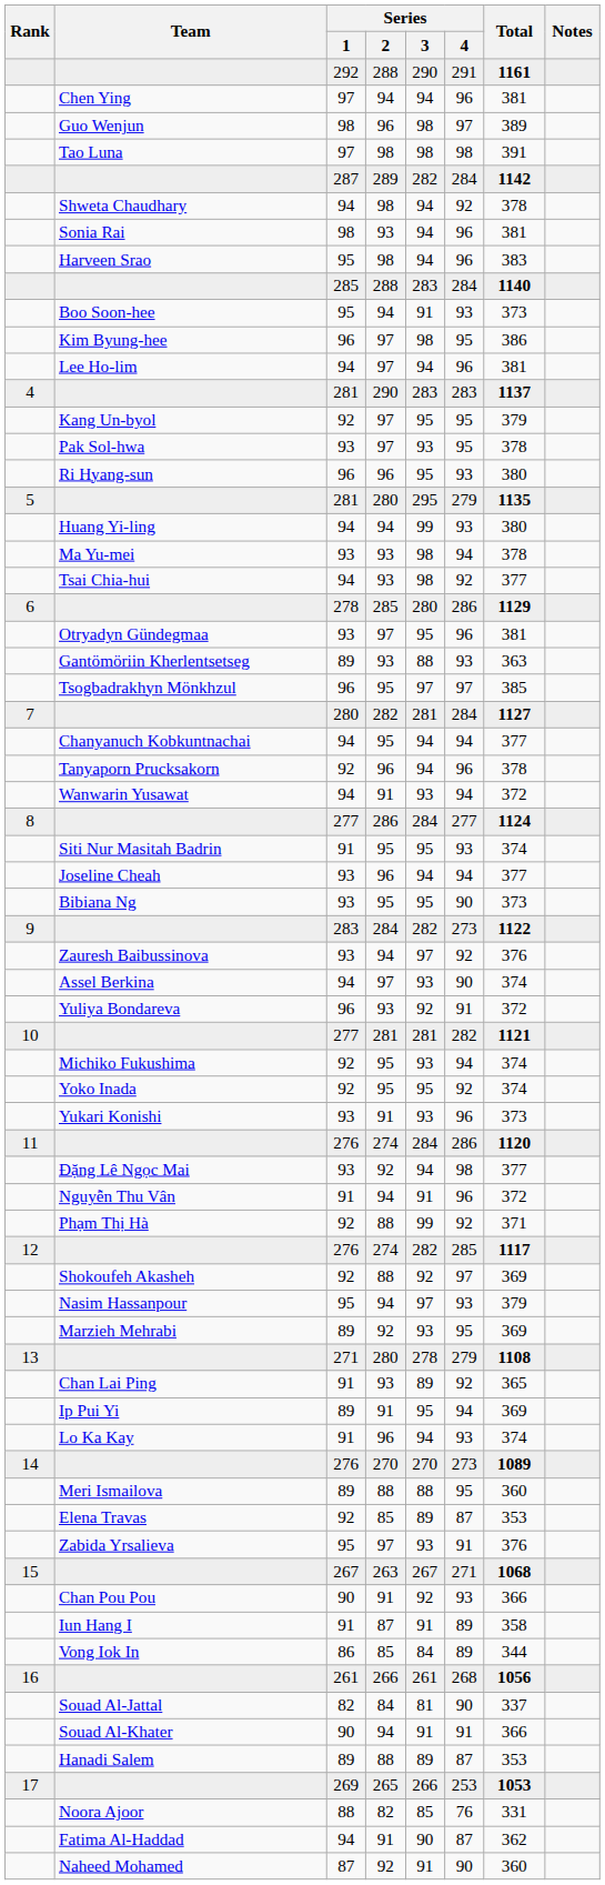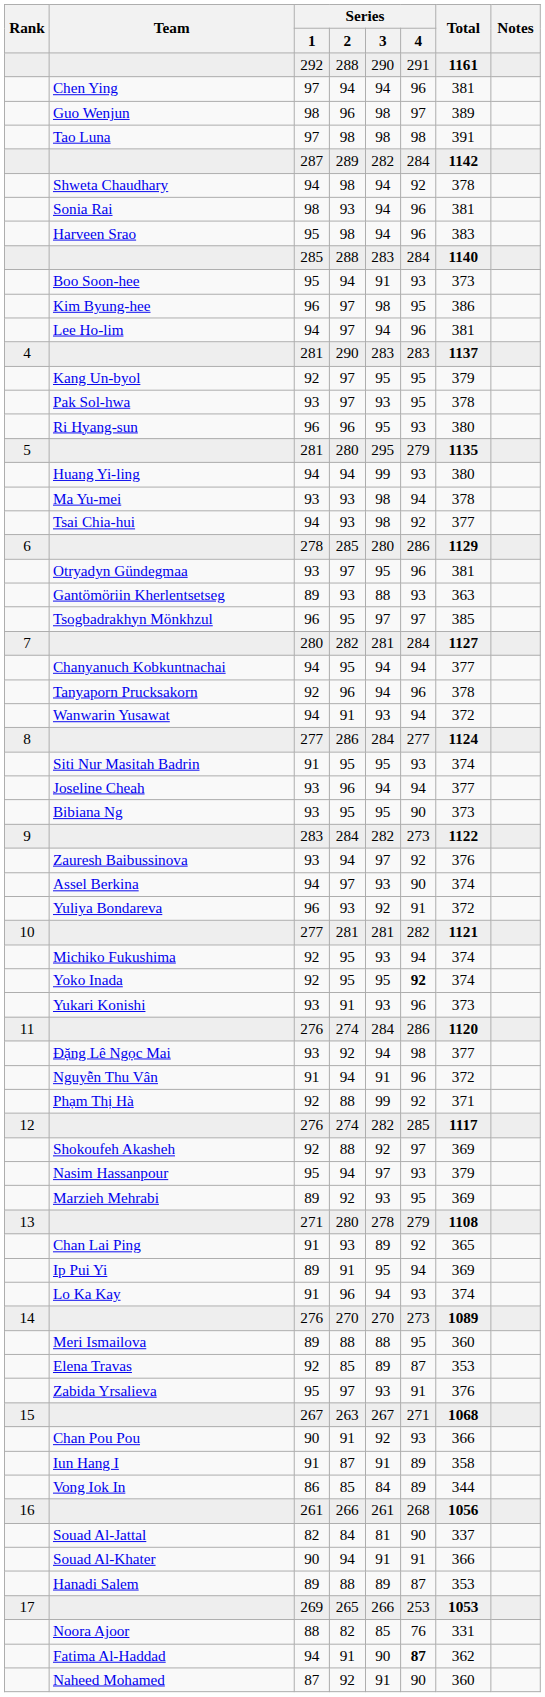 <table class="wikitable" style="text-align:center">
 <tr>
 <th rowspan=2 width=40>Rank</th>
 <th rowspan=2 width=250>Team</th>
 <th colspan=4>Series</th>
 <th rowspan=2 width=50>Total</th>
 <th rowspan=2 width=45>Notes</th>
 </tr>
 <tr>
 <th width=30>1</th>
 <th width=30>2</th>
 <th width=30>3</th>
 <th width=30>4</th>
 </tr>
 <tr bgcolor=eeeeee>
 <td></td>
 <td align=left></td>
 <td>292</td>
 <td>288</td>
 <td>290</td>
 <td>291</td>
 <td><strong>1161</strong></td>
 <td></td>
 </tr>
 <tr>
 <td></td>
 <td align=left><a href='#'>Chen Ying</a></td>
 <td>97</td>
 <td>94</td>
 <td>94</td>
 <td>96</td>
 <td>381</td>
 <td></td>
 </tr>
 <tr>
 <td></td>
 <td align=left><a href='#'>Guo Wenjun</a></td>
 <td>98</td>
 <td>96</td>
 <td>98</td>
 <td>97</td>
 <td>389</td>
 <td></td>
 </tr>
 <tr>
 <td></td>
 <td align=left><a href='#'>Tao Luna</a></td>
 <td>97</td>
 <td>98</td>
 <td>98</td>
 <td>98</td>
 <td>391</td>
 <td></td>
 </tr>
 <tr bgcolor=eeeeee>
 <td></td>
 <td align=left></td>
 <td>287</td>
 <td>289</td>
 <td>282</td>
 <td>284</td>
 <td><strong>1142</strong></td>
 <td></td>
 </tr>
 <tr>
 <td></td>
 <td align=left><a href='#'>Shweta Chaudhary</a></td>
 <td>94</td>
 <td>98</td>
 <td>94</td>
 <td>92</td>
 <td>378</td>
 <td></td>
 </tr>
 <tr>
 <td></td>
 <td align=left><a href='#'>Sonia Rai</a></td>
 <td>98</td>
 <td>93</td>
 <td>94</td>
 <td>96</td>
 <td>381</td>
 <td></td>
 </tr>
 <tr>
 <td></td>
 <td align=left><a href='#'>Harveen Srao</a></td>
 <td>95</td>
 <td>98</td>
 <td>94</td>
 <td>96</td>
 <td>383</td>
 <td></td>
 </tr>
 <tr bgcolor=eeeeee>
 <td></td>
 <td align=left></td>
 <td>285</td>
 <td>288</td>
 <td>283</td>
 <td>284</td>
 <td><strong>1140</strong></td>
 <td></td>
 </tr>
 <tr>
 <td></td>
 <td align=left><a href='#'>Boo Soon-hee</a></td>
 <td>95</td>
 <td>94</td>
 <td>91</td>
 <td>93</td>
 <td>373</td>
 <td></td>
 </tr>
 <tr>
 <td></td>
 <td align=left><a href='#'>Kim Byung-hee</a></td>
 <td>96</td>
 <td>97</td>
 <td>98</td>
 <td>95</td>
 <td>386</td>
 <td></td>
 </tr>
 <tr>
 <td></td>
 <td align=left><a href='#'>Lee Ho-lim</a></td>
 <td>94</td>
 <td>97</td>
 <td>94</td>
 <td>96</td>
 <td>381</td>
 <td></td>
 </tr>
 <tr bgcolor=eeeeee>
 <td>4</td>
 <td align=left></td>
 <td>281</td>
 <td>290</td>
 <td>283</td>
 <td>283</td>
 <td><strong>1137</strong></td>
 <td></td>
 </tr>
 <tr>
 <td></td>
 <td align=left><a href='#'>Kang Un-byol</a></td>
 <td>92</td>
 <td>97</td>
 <td>95</td>
 <td>95</td>
 <td>379</td>
 <td></td>
 </tr>
 <tr>
 <td></td>
 <td align=left><a href='#'>Pak Sol-hwa</a></td>
 <td>93</td>
 <td>97</td>
 <td>93</td>
 <td>95</td>
 <td>378</td>
 <td></td>
 </tr>
 <tr>
 <td></td>
 <td align=left><a href='#'>Ri Hyang-sun</a></td>
 <td>96</td>
 <td>96</td>
 <td>95</td>
 <td>93</td>
 <td>380</td>
 <td></td>
 </tr>
 <tr bgcolor=eeeeee>
 <td>5</td>
 <td align=left></td>
 <td>281</td>
 <td>280</td>
 <td>295</td>
 <td>279</td>
 <td><strong>1135</strong></td>
 <td></td>
 </tr>
 <tr>
 <td></td>
 <td align=left><a href='#'>Huang Yi-ling</a></td>
 <td>94</td>
 <td>94</td>
 <td>99</td>
 <td>93</td>
 <td>380</td>
 <td></td>
 </tr>
 <tr>
 <td></td>
 <td align=left><a href='#'>Ma Yu-mei</a></td>
 <td>93</td>
 <td>93</td>
 <td>98</td>
 <td>94</td>
 <td>378</td>
 <td></td>
 </tr>
 <tr>
 <td></td>
 <td align=left><a href='#'>Tsai Chia-hui</a></td>
 <td>94</td>
 <td>93</td>
 <td>98</td>
 <td>92</td>
 <td>377</td>
 <td></td>
 </tr>
 <tr bgcolor=eeeeee>
 <td>6</td>
 <td align=left></td>
 <td>278</td>
 <td>285</td>
 <td>280</td>
 <td>286</td>
 <td><strong>1129</strong></td>
 <td></td>
 </tr>
 <tr>
 <td></td>
 <td align=left><a href='#'>Otryadyn Gündegmaa</a></td>
 <td>93</td>
 <td>97</td>
 <td>95</td>
 <td>96</td>
 <td>381</td>
 <td></td>
 </tr>
 <tr>
 <td></td>
 <td align=left><a href='#'>Gantömöriin Kherlentsetseg</a></td>
 <td>89</td>
 <td>93</td>
 <td>88</td>
 <td>93</td>
 <td>363</td>
 <td></td>
 </tr>
 <tr>
 <td></td>
 <td align=left><a href='#'>Tsogbadrakhyn Mönkhzul</a></td>
 <td>96</td>
 <td>95</td>
 <td>97</td>
 <td>97</td>
 <td>385</td>
 <td></td>
 </tr>
 <tr bgcolor=eeeeee>
 <td>7</td>
 <td align=left></td>
 <td>280</td>
 <td>282</td>
 <td>281</td>
 <td>284</td>
 <td><strong>1127</strong></td>
 <td></td>
 </tr>
 <tr>
 <td></td>
 <td align=left><a href='#'>Chanyanuch Kobkuntnachai</a></td>
 <td>94</td>
 <td>95</td>
 <td>94</td>
 <td>94</td>
 <td>377</td>
 <td></td>
 </tr>
 <tr>
 <td></td>
 <td align=left><a href='#'>Tanyaporn Prucksakorn</a></td>
 <td>92</td>
 <td>96</td>
 <td>94</td>
 <td>96</td>
 <td>378</td>
 <td></td>
 </tr>
 <tr>
 <td></td>
 <td align=left><a href='#'>Wanwarin Yusawat</a></td>
 <td>94</td>
 <td>91</td>
 <td>93</td>
 <td>94</td>
 <td>372</td>
 <td></td>
 </tr>
 <tr bgcolor=eeeeee>
 <td>8</td>
 <td align=left></td>
 <td>277</td>
 <td>286</td>
 <td>284</td>
 <td>277</td>
 <td><strong>1124</strong></td>
 <td></td>
 </tr>
 <tr>
 <td></td>
 <td align=left><a href='#'>Siti Nur Masitah Badrin</a></td>
 <td>91</td>
 <td>95</td>
 <td>95</td>
 <td>93</td>
 <td>374</td>
 <td></td>
 </tr>
 <tr>
 <td></td>
 <td align=left><a href='#'>Joseline Cheah</a></td>
 <td>93</td>
 <td>96</td>
 <td>94</td>
 <td>94</td>
 <td>377</td>
 <td></td>
 </tr>
 <tr>
 <td></td>
 <td align=left><a href='#'>Bibiana Ng</a></td>
 <td>93</td>
 <td>95</td>
 <td>95</td>
 <td>90</td>
 <td>373</td>
 <td></td>
 </tr>
 <tr bgcolor=eeeeee>
 <td>9</td>
 <td align=left></td>
 <td>283</td>
 <td>284</td>
 <td>282</td>
 <td>273</td>
 <td><strong>1122</strong></td>
 <td></td>
 </tr>
 <tr>
 <td></td>
 <td align=left><a href='#'>Zauresh Baibussinova</a></td>
 <td>93</td>
 <td>94</td>
 <td>97</td>
 <td>92</td>
 <td>376</td>
 <td></td>
 </tr>
 <tr>
 <td></td>
 <td align=left><a href='#'>Assel Berkina</a></td>
 <td>94</td>
 <td>97</td>
 <td>93</td>
 <td>90</td>
 <td>374</td>
 <td></td>
 </tr>
 <tr>
 <td></td>
 <td align=left><a href='#'>Yuliya Bondareva</a></td>
 <td>96</td>
 <td>93</td>
 <td>92</td>
 <td>91</td>
 <td>372</td>
 <td></td>
 </tr>
 <tr bgcolor=eeeeee>
 <td>10</td>
 <td align=left></td>
 <td>277</td>
 <td>281</td>
 <td>281</td>
 <td>282</td>
 <td><strong>1121</strong></td>
 <td></td>
 </tr>
 <tr>
 <td></td>
 <td align=left><a href='#'>Michiko Fukushima</a></td>
 <td>92</td>
 <td>95</td>
 <td>93</td>
 <td>94</td>
 <td>374</td>
 <td></td>
 </tr>
 <tr>
 <td></td>
 <td align=left><a href='#'>Yoko Inada</a></td>
 <td>92</td>
 <td>95</td>
 <td>95</td>
-<td>92</td>
+<td><strong>92</strong></td>
 <td>374</td>
 <td></td>
 </tr>
 <tr>
 <td></td>
 <td align=left><a href='#'>Yukari Konishi</a></td>
 <td>93</td>
 <td>91</td>
 <td>93</td>
 <td>96</td>
 <td>373</td>
 <td></td>
 </tr>
 <tr bgcolor=eeeeee>
 <td>11</td>
 <td align=left></td>
 <td>276</td>
 <td>274</td>
 <td>284</td>
 <td>286</td>
 <td><strong>1120</strong></td>
 <td></td>
 </tr>
 <tr>
 <td></td>
 <td align=left><a href='#'>Đặng Lê Ngọc Mai</a></td>
 <td>93</td>
 <td>92</td>
 <td>94</td>
 <td>98</td>
 <td>377</td>
 <td></td>
 </tr>
 <tr>
 <td></td>
 <td align=left><a href='#'>Nguyễn Thu Vân</a></td>
 <td>91</td>
 <td>94</td>
 <td>91</td>
 <td>96</td>
 <td>372</td>
 <td></td>
 </tr>
 <tr>
 <td></td>
 <td align=left><a href='#'>Phạm Thị Hà</a></td>
 <td>92</td>
 <td>88</td>
 <td>99</td>
 <td>92</td>
 <td>371</td>
 <td></td>
 </tr>
 <tr bgcolor=eeeeee>
 <td>12</td>
 <td align=left></td>
 <td>276</td>
 <td>274</td>
 <td>282</td>
 <td>285</td>
 <td><strong>1117</strong></td>
 <td></td>
 </tr>
 <tr>
 <td></td>
 <td align=left><a href='#'>Shokoufeh Akasheh</a></td>
 <td>92</td>
 <td>88</td>
 <td>92</td>
 <td>97</td>
 <td>369</td>
 <td></td>
 </tr>
 <tr>
 <td></td>
 <td align=left><a href='#'>Nasim Hassanpour</a></td>
 <td>95</td>
 <td>94</td>
 <td>97</td>
 <td>93</td>
 <td>379</td>
 <td></td>
 </tr>
 <tr>
 <td></td>
 <td align=left><a href='#'>Marzieh Mehrabi</a></td>
 <td>89</td>
 <td>92</td>
 <td>93</td>
 <td>95</td>
 <td>369</td>
 <td></td>
 </tr>
 <tr bgcolor=eeeeee>
 <td>13</td>
 <td align=left></td>
 <td>271</td>
 <td>280</td>
 <td>278</td>
 <td>279</td>
 <td><strong>1108</strong></td>
 <td></td>
 </tr>
 <tr>
 <td></td>
 <td align=left><a href='#'>Chan Lai Ping</a></td>
 <td>91</td>
 <td>93</td>
 <td>89</td>
 <td>92</td>
 <td>365</td>
 <td></td>
 </tr>
 <tr>
 <td></td>
 <td align=left><a href='#'>Ip Pui Yi</a></td>
 <td>89</td>
 <td>91</td>
 <td>95</td>
 <td>94</td>
 <td>369</td>
 <td></td>
 </tr>
 <tr>
 <td></td>
 <td align=left><a href='#'>Lo Ka Kay</a></td>
 <td>91</td>
 <td>96</td>
 <td>94</td>
 <td>93</td>
 <td>374</td>
 <td></td>
 </tr>
 <tr bgcolor=eeeeee>
 <td>14</td>
 <td align=left></td>
 <td>276</td>
 <td>270</td>
 <td>270</td>
 <td>273</td>
 <td><strong>1089</strong></td>
 <td></td>
 </tr>
 <tr>
 <td></td>
 <td align=left><a href='#'>Meri Ismailova</a></td>
 <td>89</td>
 <td>88</td>
 <td>88</td>
 <td>95</td>
 <td>360</td>
 <td></td>
 </tr>
 <tr>
 <td></td>
 <td align=left><a href='#'>Elena Travas</a></td>
 <td>92</td>
 <td>85</td>
 <td>89</td>
 <td>87</td>
 <td>353</td>
 <td></td>
 </tr>
 <tr>
 <td></td>
 <td align=left><a href='#'>Zabida Yrsalieva</a></td>
 <td>95</td>
 <td>97</td>
 <td>93</td>
 <td>91</td>
 <td>376</td>
 <td></td>
 </tr>
 <tr bgcolor=eeeeee>
 <td>15</td>
 <td align=left></td>
 <td>267</td>
 <td>263</td>
 <td>267</td>
 <td>271</td>
 <td><strong>1068</strong></td>
 <td></td>
 </tr>
 <tr>
 <td></td>
 <td align=left><a href='#'>Chan Pou Pou</a></td>
 <td>90</td>
 <td>91</td>
 <td>92</td>
 <td>93</td>
 <td>366</td>
 <td></td>
 </tr>
 <tr>
 <td></td>
 <td align=left><a href='#'>Iun Hang I</a></td>
 <td>91</td>
 <td>87</td>
 <td>91</td>
 <td>89</td>
 <td>358</td>
 <td></td>
 </tr>
 <tr>
 <td></td>
 <td align=left><a href='#'>Vong Iok In</a></td>
 <td>86</td>
 <td>85</td>
 <td>84</td>
 <td>89</td>
 <td>344</td>
 <td></td>
 </tr>
 <tr bgcolor=eeeeee>
 <td>16</td>
 <td align=left></td>
 <td>261</td>
 <td>266</td>
 <td>261</td>
 <td>268</td>
 <td><strong>1056</strong></td>
 <td></td>
 </tr>
 <tr>
 <td></td>
 <td align=left><a href='#'>Souad Al-Jattal</a></td>
 <td>82</td>
 <td>84</td>
 <td>81</td>
 <td>90</td>
 <td>337</td>
 <td></td>
 </tr>
 <tr>
 <td></td>
 <td align=left><a href='#'>Souad Al-Khater</a></td>
 <td>90</td>
 <td>94</td>
 <td>91</td>
 <td>91</td>
 <td>366</td>
 <td></td>
 </tr>
 <tr>
 <td></td>
 <td align=left><a href='#'>Hanadi Salem</a></td>
 <td>89</td>
 <td>88</td>
 <td>89</td>
 <td>87</td>
 <td>353</td>
 <td></td>
 </tr>
 <tr bgcolor=eeeeee>
 <td>17</td>
 <td align=left></td>
 <td>269</td>
 <td>265</td>
 <td>266</td>
 <td>253</td>
 <td><strong>1053</strong></td>
 <td></td>
 </tr>
 <tr>
 <td></td>
 <td align=left><a href='#'>Noora Ajoor</a></td>
 <td>88</td>
 <td>82</td>
 <td>85</td>
 <td>76</td>
 <td>331</td>
 <td></td>
 </tr>
 <tr>
 <td></td>
 <td align=left><a href='#'>Fatima Al-Haddad</a></td>
 <td>94</td>
 <td>91</td>
 <td>90</td>
-<td>87</td>
+<td><strong>87</strong></td>
 <td>362</td>
 <td></td>
 </tr>
 <tr>
 <td></td>
 <td align=left><a href='#'>Naheed Mohamed</a></td>
 <td>87</td>
 <td>92</td>
 <td>91</td>
 <td>90</td>
 <td>360</td>
 <td></td>
 </tr>
 </table>
